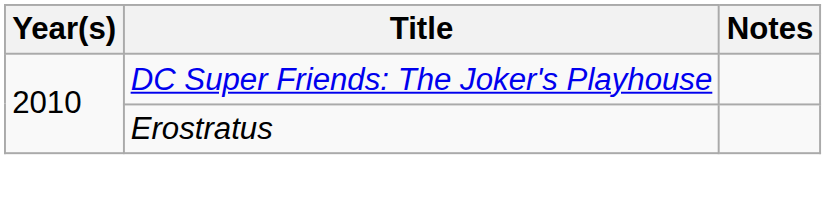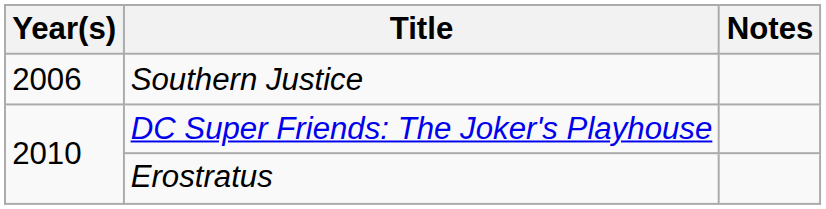 <table class="wikitable sortable">
 <tr>
 <th>Year(s)</th>
 <th>Title</th>
 <th>Notes</th>
+</tr>
+<tr>
+<td>2006</td>
+<td><em>Southern Justice</em></td>
+<td></td>
 </tr>
 <tr>
 <td rowspan="2">2010</td>
 <td><em><a href='#'>DC Super Friends: The Joker's Playhouse</a></em></td>
 <td></td>
 </tr>
 <tr>
 <td><em>Erostratus</em></td>
 <td></td>
 </tr>
 </table>
